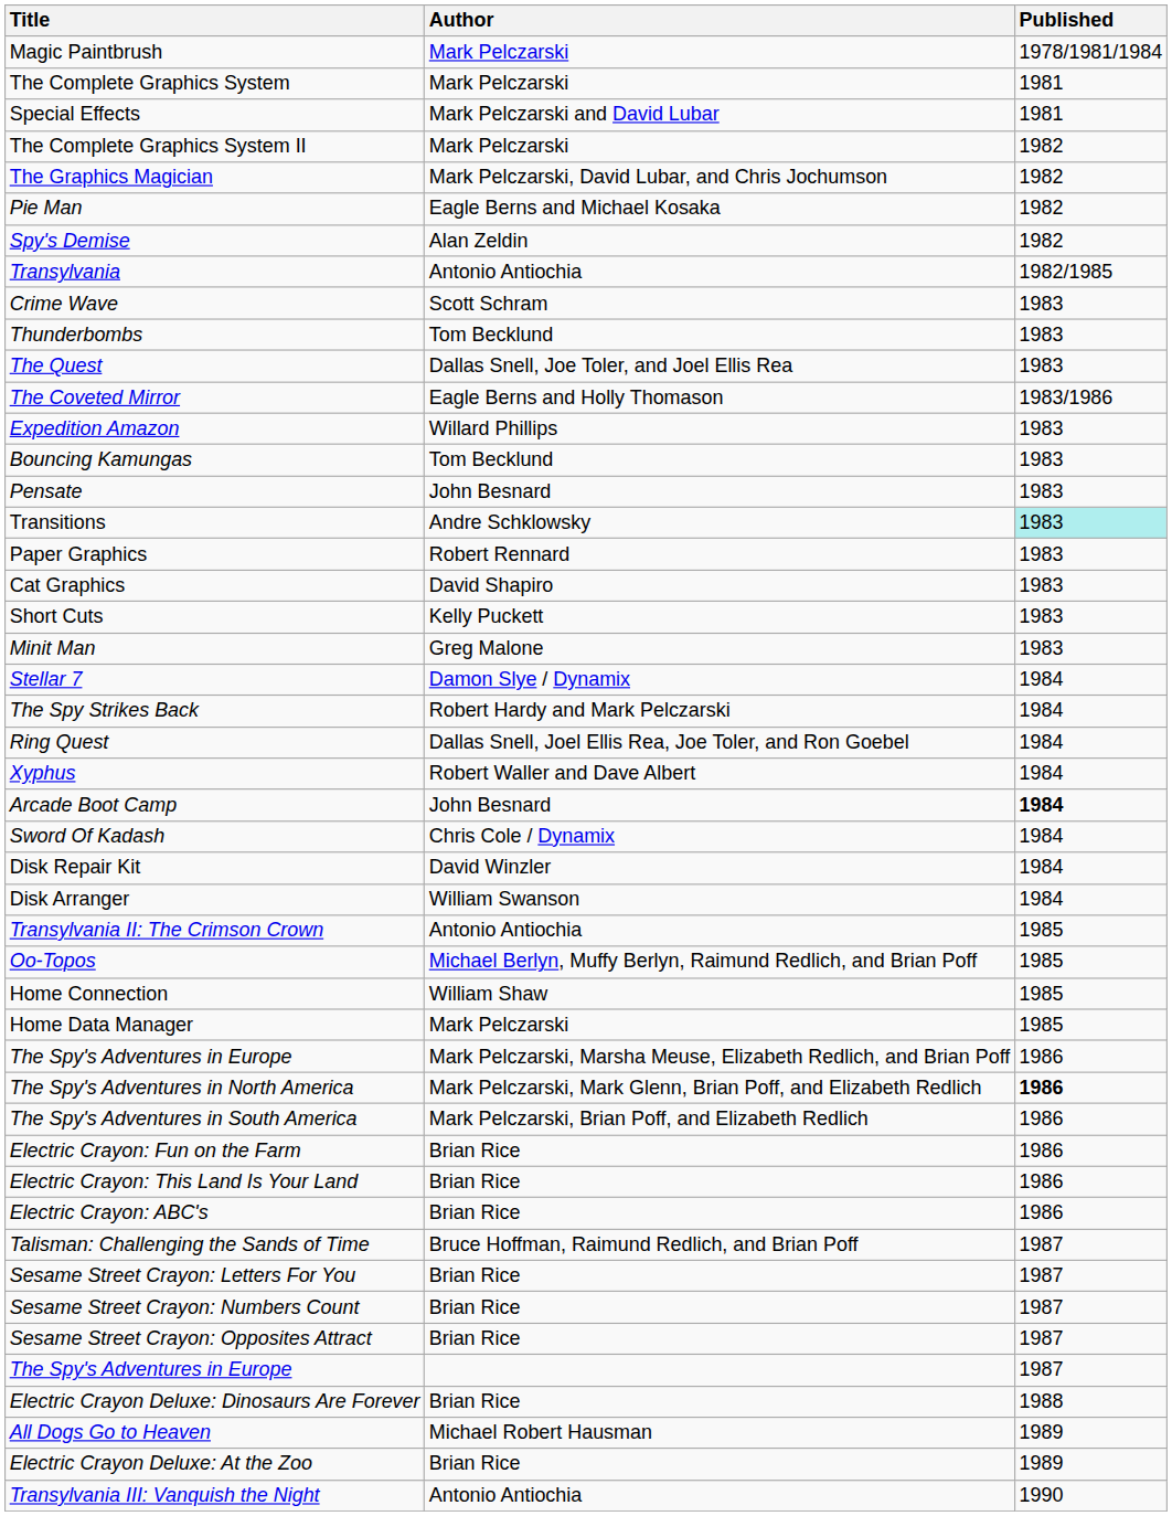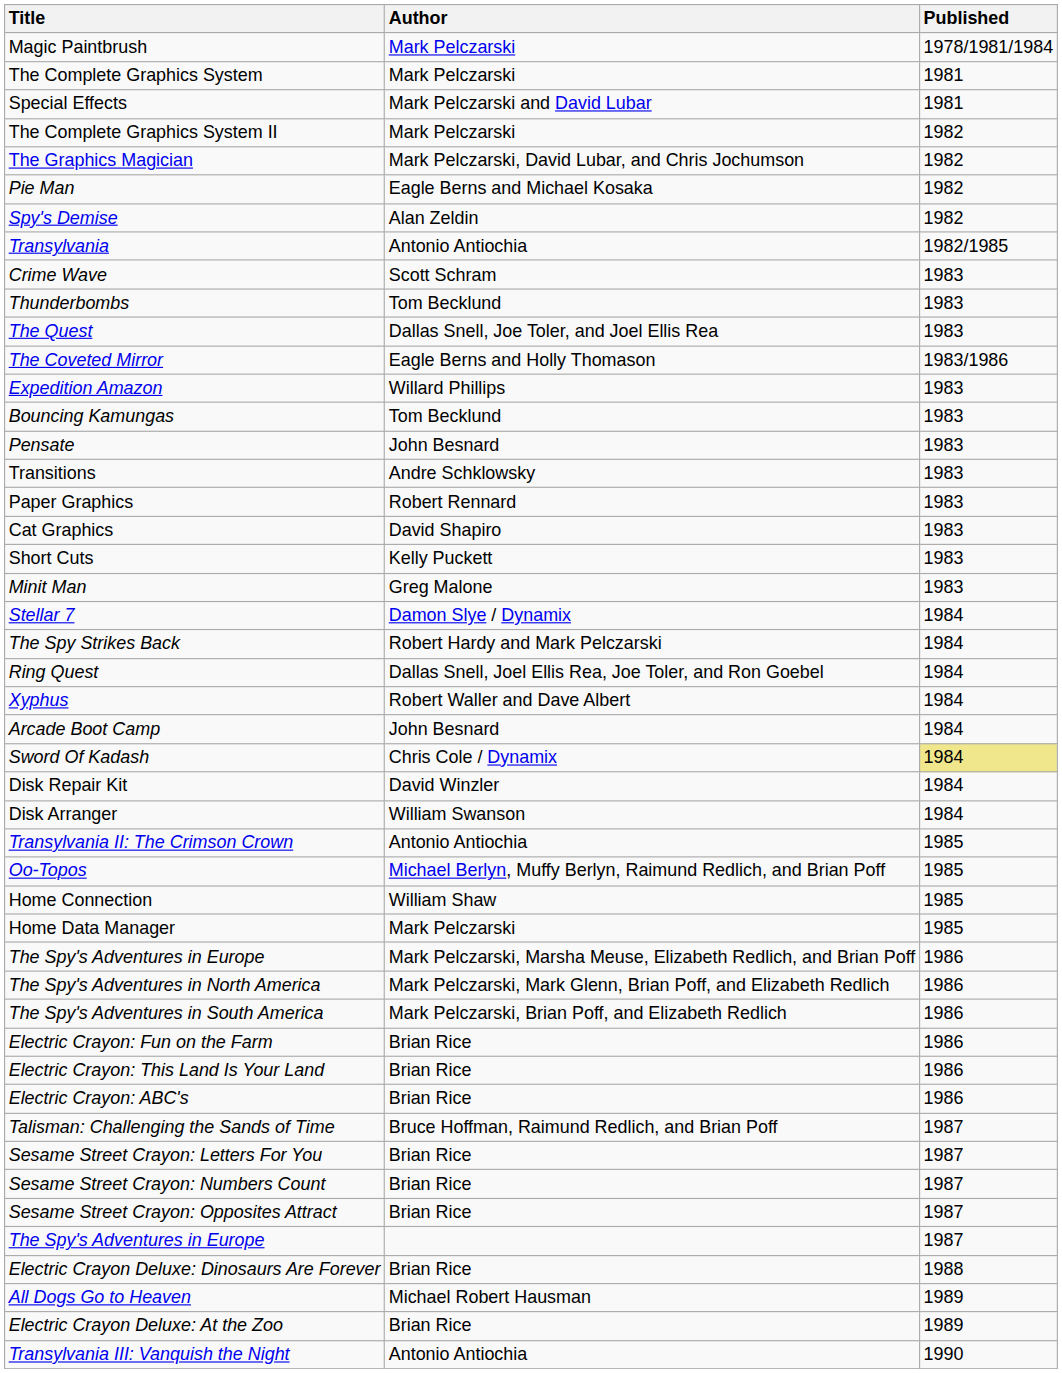 <table class="wikitable">
 <tr>
 <th style="text-align:left;">Title</th>
 <th style="text-align:left;">Author</th>
 <th style="text-align:left;">Published</th>
 </tr>
 <tr>
 <td>Magic Paintbrush</td>
 <td><a href='#'>Mark Pelczarski</a></td>
 <td>1978/1981/1984</td>
 </tr>
 <tr>
 <td>The Complete Graphics System</td>
 <td>Mark Pelczarski</td>
 <td>1981</td>
 </tr>
 <tr>
 <td>Special Effects</td>
 <td>Mark Pelczarski and <a href='#'>David Lubar</a></td>
 <td>1981</td>
 </tr>
 <tr>
 <td>The Complete Graphics System II</td>
 <td>Mark Pelczarski</td>
 <td>1982</td>
 </tr>
 <tr>
 <td><a href='#'>The Graphics Magician</a></td>
 <td>Mark Pelczarski, David Lubar, and Chris Jochumson</td>
 <td>1982</td>
 </tr>
 <tr>
 <td><em>Pie Man</em></td>
 <td>Eagle Berns and Michael Kosaka</td>
 <td>1982</td>
 </tr>
 <tr>
 <td><em><a href='#'>Spy's Demise</a></em></td>
 <td>Alan Zeldin</td>
 <td>1982</td>
 </tr>
 <tr>
 <td><em><a href='#'>Transylvania</a></em></td>
 <td>Antonio Antiochia</td>
 <td>1982/1985</td>
 </tr>
 <tr>
 <td><em>Crime Wave</em></td>
 <td>Scott Schram</td>
 <td>1983</td>
 </tr>
 <tr>
 <td><em>Thunderbombs</em></td>
 <td>Tom Becklund</td>
 <td>1983</td>
 </tr>
 <tr>
 <td><em><a href='#'>The Quest</a></em></td>
 <td>Dallas Snell, Joe Toler, and Joel Ellis Rea</td>
 <td>1983</td>
 </tr>
 <tr>
 <td><em><a href='#'>The Coveted Mirror</a></em></td>
 <td>Eagle Berns and Holly Thomason</td>
 <td>1983/1986</td>
 </tr>
 <tr>
 <td><em><a href='#'>Expedition Amazon</a></em></td>
 <td>Willard Phillips</td>
 <td>1983</td>
 </tr>
 <tr>
 <td><em>Bouncing Kamungas</em></td>
 <td>Tom Becklund</td>
 <td>1983</td>
 </tr>
 <tr>
 <td><em>Pensate</em></td>
 <td>John Besnard</td>
 <td>1983</td>
 </tr>
 <tr>
 <td>Transitions</td>
 <td>Andre Schklowsky</td>
-<td style="background: paleturquoise;">1983</td>
+<td>1983</td>
 </tr>
 <tr>
 <td>Paper Graphics</td>
 <td>Robert Rennard</td>
 <td>1983</td>
 </tr>
 <tr>
 <td>Cat Graphics</td>
 <td>David Shapiro</td>
 <td>1983</td>
 </tr>
 <tr>
 <td>Short Cuts</td>
 <td>Kelly Puckett</td>
 <td>1983</td>
 </tr>
 <tr>
 <td><em>Minit Man</em></td>
 <td>Greg Malone</td>
 <td>1983</td>
 </tr>
 <tr>
 <td><em><a href='#'>Stellar 7</a></em></td>
 <td><a href='#'>Damon Slye</a> / <a href='#'>Dynamix</a></td>
 <td>1984</td>
 </tr>
 <tr>
 <td><em>The Spy Strikes Back</em></td>
 <td>Robert Hardy and Mark Pelczarski</td>
 <td>1984</td>
 </tr>
 <tr>
 <td><em>Ring Quest</em></td>
 <td>Dallas Snell, Joel Ellis Rea, Joe Toler, and Ron Goebel</td>
 <td>1984</td>
 </tr>
 <tr>
 <td><em><a href='#'>Xyphus</a></em></td>
 <td>Robert Waller and Dave Albert</td>
 <td>1984</td>
 </tr>
 <tr>
 <td><em>Arcade Boot Camp</em></td>
 <td>John Besnard</td>
-<td><strong>1984</strong></td>
+<td>1984</td>
 </tr>
 <tr>
 <td><em>Sword Of Kadash</em></td>
 <td>Chris Cole / <a href='#'>Dynamix</a></td>
-<td>1984</td>
+<td style="background: khaki;">1984</td>
 </tr>
 <tr>
 <td>Disk Repair Kit</td>
 <td>David Winzler</td>
 <td>1984</td>
 </tr>
 <tr>
 <td>Disk Arranger</td>
 <td>William Swanson</td>
 <td>1984</td>
 </tr>
 <tr>
 <td><em><a href='#'>Transylvania II: The Crimson Crown</a></em></td>
 <td>Antonio Antiochia</td>
 <td>1985</td>
 </tr>
 <tr>
 <td><em><a href='#'>Oo-Topos</a></em></td>
 <td><a href='#'>Michael Berlyn</a>, Muffy Berlyn, Raimund Redlich, and Brian Poff</td>
 <td>1985</td>
 </tr>
 <tr>
 <td>Home Connection</td>
 <td>William Shaw</td>
 <td>1985</td>
 </tr>
 <tr>
 <td>Home Data Manager</td>
 <td>Mark Pelczarski</td>
 <td>1985</td>
 </tr>
 <tr>
 <td><em>The Spy's Adventures in Europe</em></td>
 <td>Mark Pelczarski, Marsha Meuse, Elizabeth Redlich, and Brian Poff</td>
 <td>1986</td>
 </tr>
 <tr>
 <td><em>The Spy's Adventures in North America</em></td>
 <td>Mark Pelczarski, Mark Glenn, Brian Poff, and Elizabeth Redlich</td>
-<td><strong>1986</strong></td>
+<td>1986</td>
 </tr>
 <tr>
 <td><em>The Spy's Adventures in South America</em></td>
 <td>Mark Pelczarski, Brian Poff, and Elizabeth Redlich</td>
 <td>1986</td>
 </tr>
 <tr>
 <td><em>Electric Crayon: Fun on the Farm</em></td>
 <td>Brian Rice</td>
 <td>1986</td>
 </tr>
 <tr>
 <td><em>Electric Crayon: This Land Is Your Land</em></td>
 <td>Brian Rice</td>
 <td>1986</td>
 </tr>
 <tr>
 <td><em>Electric Crayon: ABC's</em></td>
 <td>Brian Rice</td>
 <td>1986</td>
 </tr>
 <tr>
 <td><em>Talisman: Challenging the Sands of Time</em></td>
 <td>Bruce Hoffman, Raimund Redlich, and Brian Poff</td>
 <td>1987</td>
 </tr>
 <tr>
 <td><em>Sesame Street Crayon: Letters For You</em></td>
 <td>Brian Rice</td>
 <td>1987</td>
 </tr>
 <tr>
 <td><em>Sesame Street Crayon: Numbers Count</em></td>
 <td>Brian Rice</td>
 <td>1987</td>
 </tr>
 <tr>
 <td><em>Sesame Street Crayon: Opposites Attract</em></td>
 <td>Brian Rice</td>
 <td>1987</td>
 </tr>
 <tr>
 <td><em><a href='#'>The Spy's Adventures in Europe</a></em></td>
 <td></td>
 <td>1987</td>
 </tr>
 <tr>
 <td><em>Electric Crayon Deluxe: Dinosaurs Are Forever</em></td>
 <td>Brian Rice</td>
 <td>1988</td>
 </tr>
 <tr>
 <td><em><a href='#'>All Dogs Go to Heaven</a></em></td>
 <td>Michael Robert Hausman</td>
 <td>1989</td>
 </tr>
 <tr>
 <td><em>Electric Crayon Deluxe: At the Zoo</em></td>
 <td>Brian Rice</td>
 <td>1989</td>
 </tr>
 <tr>
 <td><em><a href='#'>Transylvania III: Vanquish the Night</a></em></td>
 <td>Antonio Antiochia</td>
 <td>1990</td>
 </tr>
 </table>
